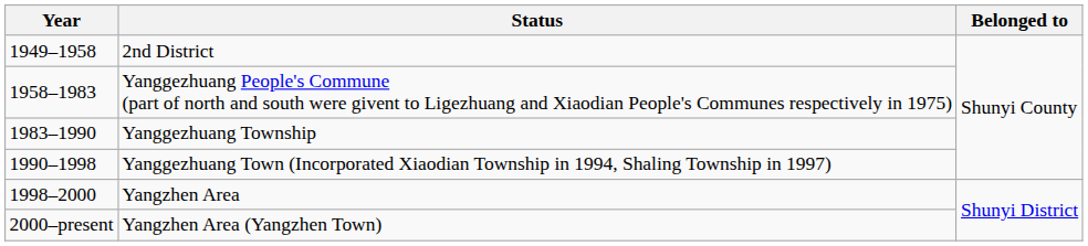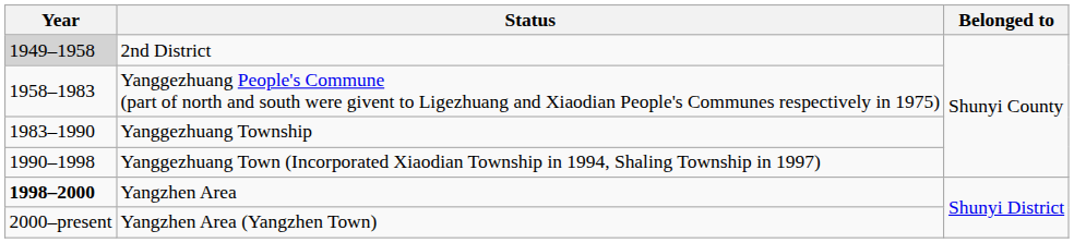 <table class="wikitable">
 <tr>
 <th>Year</th>
 <th>Status</th>
 <th>Belonged to</th>
 </tr>
 <tr>
-<td>1949–1958</td>
+<td style="background: lightgrey;">1949–1958</td>
 <td>2nd District</td>
 <td rowspan="4">Shunyi County</td>
 </tr>
 <tr>
 <td>1958–1983</td>
 <td>Yanggezhuang <a href='#'>People's Commune</a><br>(part of north and south were givent to Ligezhuang and Xiaodian People's Communes respectively in 1975)</td>
 </tr>
 <tr>
 <td>1983–1990</td>
 <td>Yanggezhuang Township</td>
 </tr>
 <tr>
 <td>1990–1998</td>
 <td>Yanggezhuang Town (Incorporated Xiaodian Township in 1994, Shaling Township in 1997)</td>
 </tr>
 <tr>
-<td>1998–2000</td>
+<td><strong>1998–2000</strong></td>
 <td>Yangzhen Area</td>
 <td rowspan="2"><a href='#'>Shunyi District</a></td>
 </tr>
 <tr>
 <td>2000–present</td>
 <td>Yangzhen Area (Yangzhen Town)</td>
 </tr>
 </table>
